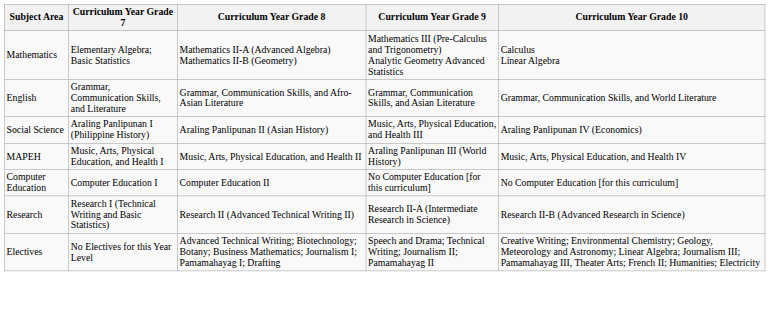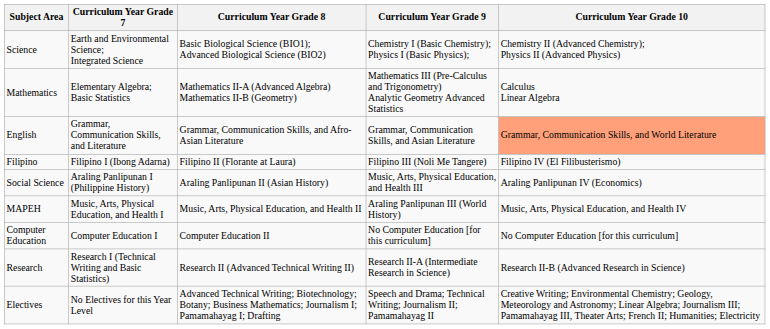 <table class="wikitable">
 <tr>
 <th>Subject Area</th>
 <th>Curriculum Year Grade 7</th>
 <th>Curriculum Year Grade 8</th>
 <th>Curriculum Year Grade 9</th>
 <th>Curriculum Year Grade 10</th>
+</tr>
+<tr>
+<td>Science</td>
+<td>Earth and Environmental Science;<br>Integrated Science</td>
+<td>Basic Biological Science (BIO1);<br>Advanced Biological Science (BIO2)</td>
+<td>Chemistry I (Basic Chemistry);<br>Physics I (Basic Physics);</td>
+<td>Chemistry II (Advanced Chemistry);<br>Physics II (Advanced Physics)</td>
 </tr>
 <tr>
 <td>Mathematics</td>
 <td>Elementary Algebra;<br>Basic Statistics</td>
 <td>Mathematics II-A (Advanced Algebra)<br>Mathematics II-B (Geometry)</td>
 <td>Mathematics III (Pre-Calculus and Trigonometry)<br>Analytic Geometry  Advanced Statistics</td>
 <td>Calculus<br>Linear Algebra</td>
 </tr>
 <tr>
 <td>English</td>
 <td>Grammar, Communication Skills, and Literature</td>
 <td>Grammar, Communication Skills, and Afro-Asian Literature</td>
 <td>Grammar, Communication Skills, and Asian Literature</td>
-<td>Grammar, Communication Skills, and World Literature</td>
+<td style="background: lightsalmon;">Grammar, Communication Skills, and World Literature</td>
+</tr>
+<tr>
+<td>Filipino</td>
+<td>Filipino I (Ibong Adarna)</td>
+<td>Filipino II (Florante at Laura)</td>
+<td>Filipino III (Noli Me Tangere)</td>
+<td>Filipino IV (El Filibusterismo)</td>
 </tr>
 <tr>
 <td>Social Science</td>
 <td>Araling Panlipunan I (Philippine History)</td>
 <td>Araling Panlipunan II (Asian History)</td>
 <td>Music, Arts, Physical Education, and Health III</td>
 <td>Araling Panlipunan IV (Economics)</td>
 </tr>
 <tr>
 <td>MAPEH</td>
 <td>Music, Arts, Physical Education, and Health I</td>
 <td>Music, Arts, Physical Education, and Health II</td>
 <td>Araling Panlipunan III (World History)</td>
 <td>Music, Arts, Physical Education, and Health IV</td>
 </tr>
 <tr>
 <td>Computer Education</td>
 <td>Computer Education I</td>
 <td>Computer Education II</td>
 <td>No Computer Education [for this curriculum]</td>
 <td>No Computer Education [for this curriculum]</td>
 </tr>
 <tr>
 <td>Research</td>
 <td>Research I (Technical Writing and Basic Statistics)</td>
 <td>Research II (Advanced Technical Writing II)</td>
 <td>Research II-A (Intermediate Research in Science)</td>
 <td>Research II-B (Advanced Research in Science)</td>
 </tr>
 <tr>
 <td>Electives</td>
 <td>No Electives for this Year Level</td>
 <td>Advanced Technical Writing; Biotechnology; Botany; Business Mathematics; Journalism I; Pamamahayag I; Drafting</td>
 <td>Speech and Drama; Technical Writing; Journalism II; Pamamahayag II</td>
 <td>Creative Writing; Environmental Chemistry; Geology, Meteorology and Astronomy; Linear Algebra; Journalism III; Pamamahayag III, Theater Arts; French II; Humanities; Electricity</td>
 </tr>
 </table>
